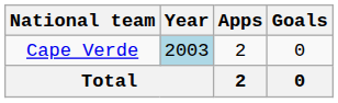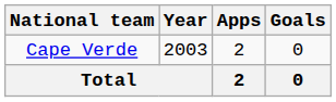 <table class=wikitable style="text-align: center">
 <tr>
 <th>National team</th>
 <th>Year</th>
 <th>Apps</th>
 <th>Goals</th>
 </tr>
 <tr>
 <td><a href='#'>Cape Verde</a></td>
-<td style="background: lightblue;">2003</td>
+<td>2003</td>
 <td>2</td>
 <td>0</td>
 </tr>
 <tr>
 <th colspan=2>Total</th>
 <th>2</th>
 <th>0</th>
 </tr>
 </table>
